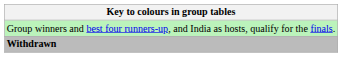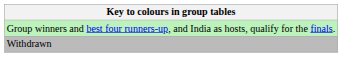 <table class="wikitable">
 <tr>
 <th>Key to colours in group tables</th>
 </tr>
 <tr style="background-color:#BBF3BB;">
 <td>Group winners and <a href='#'>best four runners-up</a>, and India as hosts, qualify for the <a href='#'>finals</a>.</td>
 </tr>
 <tr style="background-color:#BBBBBB;">
-<td><strong>Withdrawn</strong></td>
+<td>Withdrawn</td>
 </tr>
 </table>
